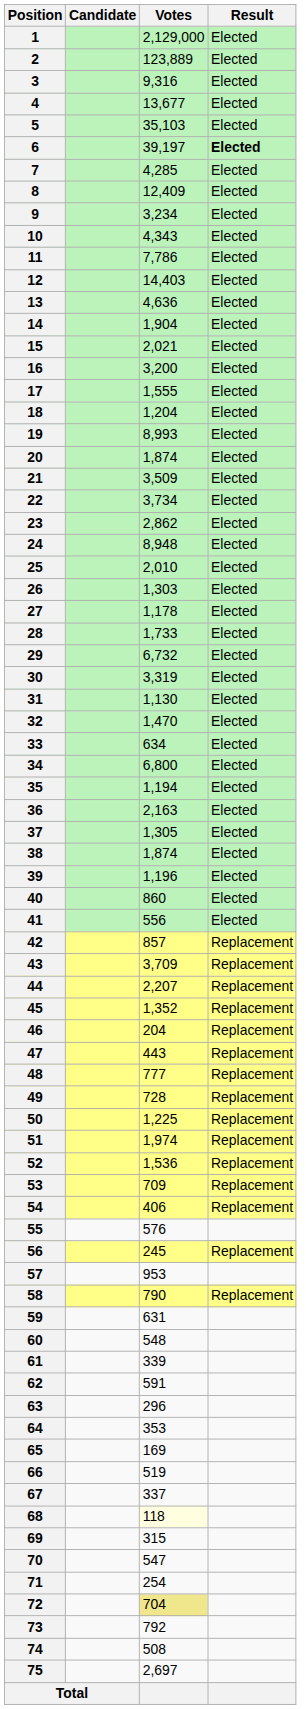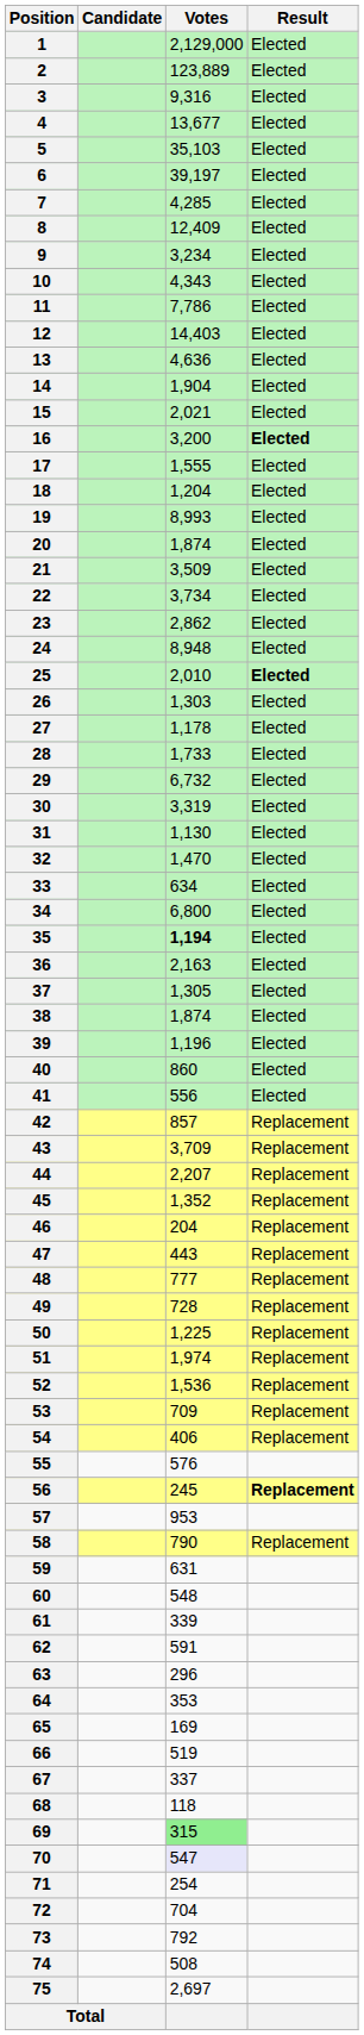 <table class="wikitable sortable col3right">
 <tr>
 <th scope="col">Position</th>
 <th scope="col">Candidate</th>
 <th scope="col">Votes</th>
 <th scope="col">Result</th>
 </tr>
 <tr bgcolor=bbf3bb>
 <th scope="row">1</th>
 <td></td>
 <td>2,129,000</td>
 <td>Elected</td>
 </tr>
 <tr bgcolor=bbf3bb>
 <th scope="row">2</th>
 <td></td>
 <td>123,889</td>
 <td>Elected</td>
 </tr>
 <tr bgcolor=bbf3bb>
 <th scope="row">3</th>
 <td></td>
 <td>9,316</td>
 <td>Elected</td>
 </tr>
 <tr bgcolor=bbf3bb>
 <th scope="row">4</th>
 <td></td>
 <td>13,677</td>
 <td>Elected</td>
 </tr>
 <tr bgcolor=bbf3bb>
 <th scope="row">5</th>
 <td></td>
 <td>35,103</td>
 <td>Elected</td>
 </tr>
 <tr bgcolor=bbf3bb>
 <th scope="row">6</th>
 <td></td>
 <td>39,197</td>
-<td><strong>Elected</strong></td>
+<td>Elected</td>
 </tr>
 <tr bgcolor=bbf3bb>
 <th scope="row">7</th>
 <td></td>
 <td>4,285</td>
 <td>Elected</td>
 </tr>
 <tr bgcolor=bbf3bb>
 <th scope="row">8</th>
 <td></td>
 <td>12,409</td>
 <td>Elected</td>
 </tr>
 <tr bgcolor=bbf3bb>
 <th scope="row">9</th>
 <td></td>
 <td>3,234</td>
 <td>Elected</td>
 </tr>
 <tr bgcolor=bbf3bb>
 <th scope="row">10</th>
 <td></td>
 <td>4,343</td>
 <td>Elected</td>
 </tr>
 <tr bgcolor=bbf3bb>
 <th scope="row">11</th>
 <td></td>
 <td>7,786</td>
 <td>Elected</td>
 </tr>
 <tr bgcolor=bbf3bb>
 <th scope="row">12</th>
 <td></td>
 <td>14,403</td>
 <td>Elected</td>
 </tr>
 <tr bgcolor=bbf3bb>
 <th scope="row">13</th>
 <td></td>
 <td>4,636</td>
 <td>Elected</td>
 </tr>
 <tr bgcolor=bbf3bb>
 <th scope="row">14</th>
 <td></td>
 <td>1,904</td>
 <td>Elected</td>
 </tr>
 <tr bgcolor=bbf3bb>
 <th scope="row">15</th>
 <td></td>
 <td>2,021</td>
 <td>Elected</td>
 </tr>
 <tr bgcolor=bbf3bb>
 <th scope="row">16</th>
 <td></td>
 <td>3,200</td>
-<td>Elected</td>
+<td><strong>Elected</strong></td>
 </tr>
 <tr bgcolor=bbf3bb>
 <th scope="row">17</th>
 <td></td>
 <td>1,555</td>
 <td>Elected</td>
 </tr>
 <tr bgcolor=bbf3bb>
 <th scope="row">18</th>
 <td></td>
 <td>1,204</td>
 <td>Elected</td>
 </tr>
 <tr bgcolor=bbf3bb>
 <th scope="row">19</th>
 <td></td>
 <td>8,993</td>
 <td>Elected</td>
 </tr>
 <tr bgcolor=bbf3bb>
 <th scope="row">20</th>
 <td></td>
 <td>1,874</td>
 <td>Elected</td>
 </tr>
 <tr bgcolor=bbf3bb>
 <th scope="row">21</th>
 <td></td>
 <td>3,509</td>
 <td>Elected</td>
 </tr>
 <tr bgcolor=bbf3bb>
 <th scope="row">22</th>
 <td></td>
 <td>3,734</td>
 <td>Elected</td>
 </tr>
 <tr bgcolor=bbf3bb>
 <th scope="row">23</th>
 <td></td>
 <td>2,862</td>
 <td>Elected</td>
 </tr>
 <tr bgcolor=bbf3bb>
 <th scope="row">24</th>
 <td></td>
 <td>8,948</td>
 <td>Elected</td>
 </tr>
 <tr bgcolor=bbf3bb>
 <th scope="row">25</th>
 <td></td>
 <td>2,010</td>
-<td>Elected</td>
+<td><strong>Elected</strong></td>
 </tr>
 <tr bgcolor=bbf3bb>
 <th scope="row">26</th>
 <td></td>
 <td>1,303</td>
 <td>Elected</td>
 </tr>
 <tr bgcolor=bbf3bb>
 <th scope="row">27</th>
 <td></td>
 <td>1,178</td>
 <td>Elected</td>
 </tr>
 <tr bgcolor=bbf3bb>
 <th scope="row">28</th>
 <td></td>
 <td>1,733</td>
 <td>Elected</td>
 </tr>
 <tr bgcolor=bbf3bb>
 <th scope="row">29</th>
 <td></td>
 <td>6,732</td>
 <td>Elected</td>
 </tr>
 <tr bgcolor=bbf3bb>
 <th scope="row">30</th>
 <td></td>
 <td>3,319</td>
 <td>Elected</td>
 </tr>
 <tr bgcolor=bbf3bb>
 <th scope="row">31</th>
 <td></td>
 <td>1,130</td>
 <td>Elected</td>
 </tr>
 <tr bgcolor=bbf3bb>
 <th scope="row">32</th>
 <td></td>
 <td>1,470</td>
 <td>Elected</td>
 </tr>
 <tr bgcolor=bbf3bb>
 <th scope="row">33</th>
 <td></td>
 <td>634</td>
 <td>Elected</td>
 </tr>
 <tr bgcolor=bbf3bb>
 <th scope="row">34</th>
 <td></td>
 <td>6,800</td>
 <td>Elected</td>
 </tr>
 <tr bgcolor=bbf3bb>
 <th scope="row">35</th>
 <td></td>
-<td>1,194</td>
+<td><strong>1,194</strong></td>
 <td>Elected</td>
 </tr>
 <tr bgcolor=bbf3bb>
 <th scope="row">36</th>
 <td></td>
 <td>2,163</td>
 <td>Elected</td>
 </tr>
 <tr bgcolor=bbf3bb>
 <th scope="row">37</th>
 <td></td>
 <td>1,305</td>
 <td>Elected</td>
 </tr>
 <tr bgcolor=bbf3bb>
 <th scope="row">38</th>
 <td></td>
 <td>1,874</td>
 <td>Elected</td>
 </tr>
 <tr bgcolor=bbf3bb>
 <th scope="row">39</th>
 <td></td>
 <td>1,196</td>
 <td>Elected</td>
 </tr>
 <tr bgcolor=bbf3bb>
 <th scope="row">40</th>
 <td></td>
 <td>860</td>
 <td>Elected</td>
 </tr>
 <tr bgcolor=bbf3bb>
 <th scope="row">41</th>
 <td></td>
 <td>556</td>
 <td>Elected</td>
 </tr>
 <tr bgcolor=#FF8>
 <th scope="row">42</th>
 <td></td>
 <td>857</td>
 <td>Replacement</td>
 </tr>
 <tr bgcolor=#FF8>
 <th scope="row">43</th>
 <td></td>
 <td>3,709</td>
 <td>Replacement</td>
 </tr>
 <tr bgcolor=#FF8>
 <th scope="row">44</th>
 <td></td>
 <td>2,207</td>
 <td>Replacement</td>
 </tr>
 <tr bgcolor=#FF8>
 <th scope="row">45</th>
 <td></td>
 <td>1,352</td>
 <td>Replacement</td>
 </tr>
 <tr bgcolor=#FF8>
 <th scope="row">46</th>
 <td></td>
 <td>204</td>
 <td>Replacement</td>
 </tr>
 <tr bgcolor=#FF8>
 <th scope="row">47</th>
 <td></td>
 <td>443</td>
 <td>Replacement</td>
 </tr>
 <tr bgcolor=#FF8>
 <th scope="row">48</th>
 <td></td>
 <td>777</td>
 <td>Replacement</td>
 </tr>
 <tr bgcolor=#FF8>
 <th scope="row">49</th>
 <td></td>
 <td>728</td>
 <td>Replacement</td>
 </tr>
 <tr bgcolor=#FF8>
 <th scope="row">50</th>
 <td></td>
 <td>1,225</td>
 <td>Replacement</td>
 </tr>
 <tr bgcolor=#FF8>
 <th scope="row">51</th>
 <td></td>
 <td>1,974</td>
 <td>Replacement</td>
 </tr>
 <tr bgcolor=#FF8>
 <th scope="row">52</th>
 <td></td>
 <td>1,536</td>
 <td>Replacement</td>
 </tr>
 <tr bgcolor=#FF8>
 <th scope="row">53</th>
 <td></td>
 <td>709</td>
 <td>Replacement</td>
 </tr>
 <tr bgcolor=#FF8>
 <th scope="row">54</th>
 <td></td>
 <td>406</td>
 <td>Replacement</td>
 </tr>
 <tr>
 <th scope="row">55</th>
 <td></td>
 <td>576</td>
 <td></td>
 </tr>
 <tr bgcolor=#FF8>
 <th scope="row">56</th>
 <td></td>
 <td>245</td>
-<td>Replacement</td>
+<td><strong>Replacement</strong></td>
 </tr>
 <tr>
 <th scope="row">57</th>
 <td></td>
 <td>953</td>
 <td></td>
 </tr>
 <tr bgcolor=#FF8>
 <th scope="row">58</th>
 <td></td>
 <td>790</td>
 <td>Replacement</td>
 </tr>
 <tr>
 <th scope="row">59</th>
 <td></td>
 <td>631</td>
 <td></td>
 </tr>
 <tr>
 <th scope="row">60</th>
 <td></td>
 <td>548</td>
 <td></td>
 </tr>
 <tr>
 <th scope="row">61</th>
 <td></td>
 <td>339</td>
 <td></td>
 </tr>
 <tr>
 <th scope="row">62</th>
 <td></td>
 <td>591</td>
 <td></td>
 </tr>
 <tr>
 <th scope="row">63</th>
 <td></td>
 <td>296</td>
 <td></td>
 </tr>
 <tr>
 <th scope="row">64</th>
 <td></td>
 <td>353</td>
 <td></td>
 </tr>
 <tr>
 <th scope="row">65</th>
 <td></td>
 <td>169</td>
 <td></td>
 </tr>
 <tr>
 <th scope="row">66</th>
 <td></td>
 <td>519</td>
 <td></td>
 </tr>
 <tr>
 <th scope="row">67</th>
 <td></td>
 <td>337</td>
 <td></td>
 </tr>
 <tr>
 <th scope="row">68</th>
 <td></td>
-<td style="background: lightyellow;">118</td>
+<td>118</td>
 <td></td>
 </tr>
 <tr>
 <th scope="row">69</th>
 <td></td>
-<td>315</td>
+<td style="background: lightgreen;">315</td>
 <td></td>
 </tr>
 <tr>
 <th scope="row">70</th>
 <td></td>
-<td>547</td>
+<td style="background: lavender;">547</td>
 <td></td>
 </tr>
 <tr>
 <th scope="row">71</th>
 <td></td>
 <td>254</td>
 <td></td>
 </tr>
 <tr>
 <th scope="row">72</th>
 <td></td>
-<td style="background: khaki;">704</td>
+<td>704</td>
 <td></td>
 </tr>
 <tr>
 <th scope="row">73</th>
 <td></td>
 <td>792</td>
 <td></td>
 </tr>
 <tr>
 <th scope="row">74</th>
 <td></td>
 <td>508</td>
 <td></td>
 </tr>
 <tr>
 <th scope="row">75</th>
 <td></td>
 <td>2,697</td>
 <td></td>
 </tr>
 <tr class="sortbottom">
 <th scope="row" colspan="2">Total</th>
 <th></th>
 <th></th>
 </tr>
 </table>
